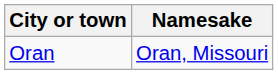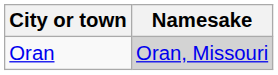 <table class="wikitable">
 <tr>
 <th>City or town</th>
 <th>Namesake</th>
 </tr>
 <tr>
 <td><a href='#'>Oran</a></td>
-<td><a href='#'>Oran, Missouri</a></td>
+<td style="background: lightgrey;"><a href='#'>Oran, Missouri</a></td>
 </tr>
 </table>
